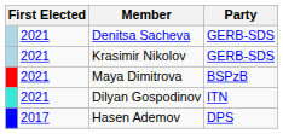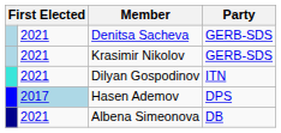 <table class="wikitable">
 <tr>
 <th colspan="2">First Elected</th>
 <th>Member</th>
 <th>Party</th>
 </tr>
 <tr>
 <td style="background-color: lightblue"></td>
 <td><a href='#'>2021</a></td>
 <td><a href='#'>Denitsa Sacheva</a></td>
 <td><a href='#'>GERB-SDS</a></td>
 </tr>
 <tr>
 <td style="background-color: lightblue"></td>
 <td><a href='#'>2021</a></td>
 <td>Krasimir Nikolov</td>
 <td><a href='#'>GERB-SDS</a></td>
 </tr>
 <tr>
-<td style="background-color: red"></td>
-<td><a href='#'>2021</a></td>
-<td>Maya Dimitrova</td>
-<td><a href='#'>BSPzB</a></td>
-</tr>
-<tr>
 <td style="background-color: #39e6da"></td>
 <td><a href='#'>2021</a></td>
 <td>Dilyan Gospodinov</td>
 <td><a href='#'>ITN</a></td>
 </tr>
 <tr>
 <td style="background-color: blue"></td>
-<td><a href='#'>2017</a></td>
+<td style="background: lightblue;"><a href='#'>2017</a></td>
 <td>Hasen Ademov</td>
 <td><a href='#'>DPS</a></td>
 </tr>
+<tr>
+<td style="background-color: darkblue"></td>
+<td><a href='#'>2021</a></td>
+<td>Albena Simeonova</td>
+<td><a href='#'>DB</a></td>
+</tr>
 </table>
